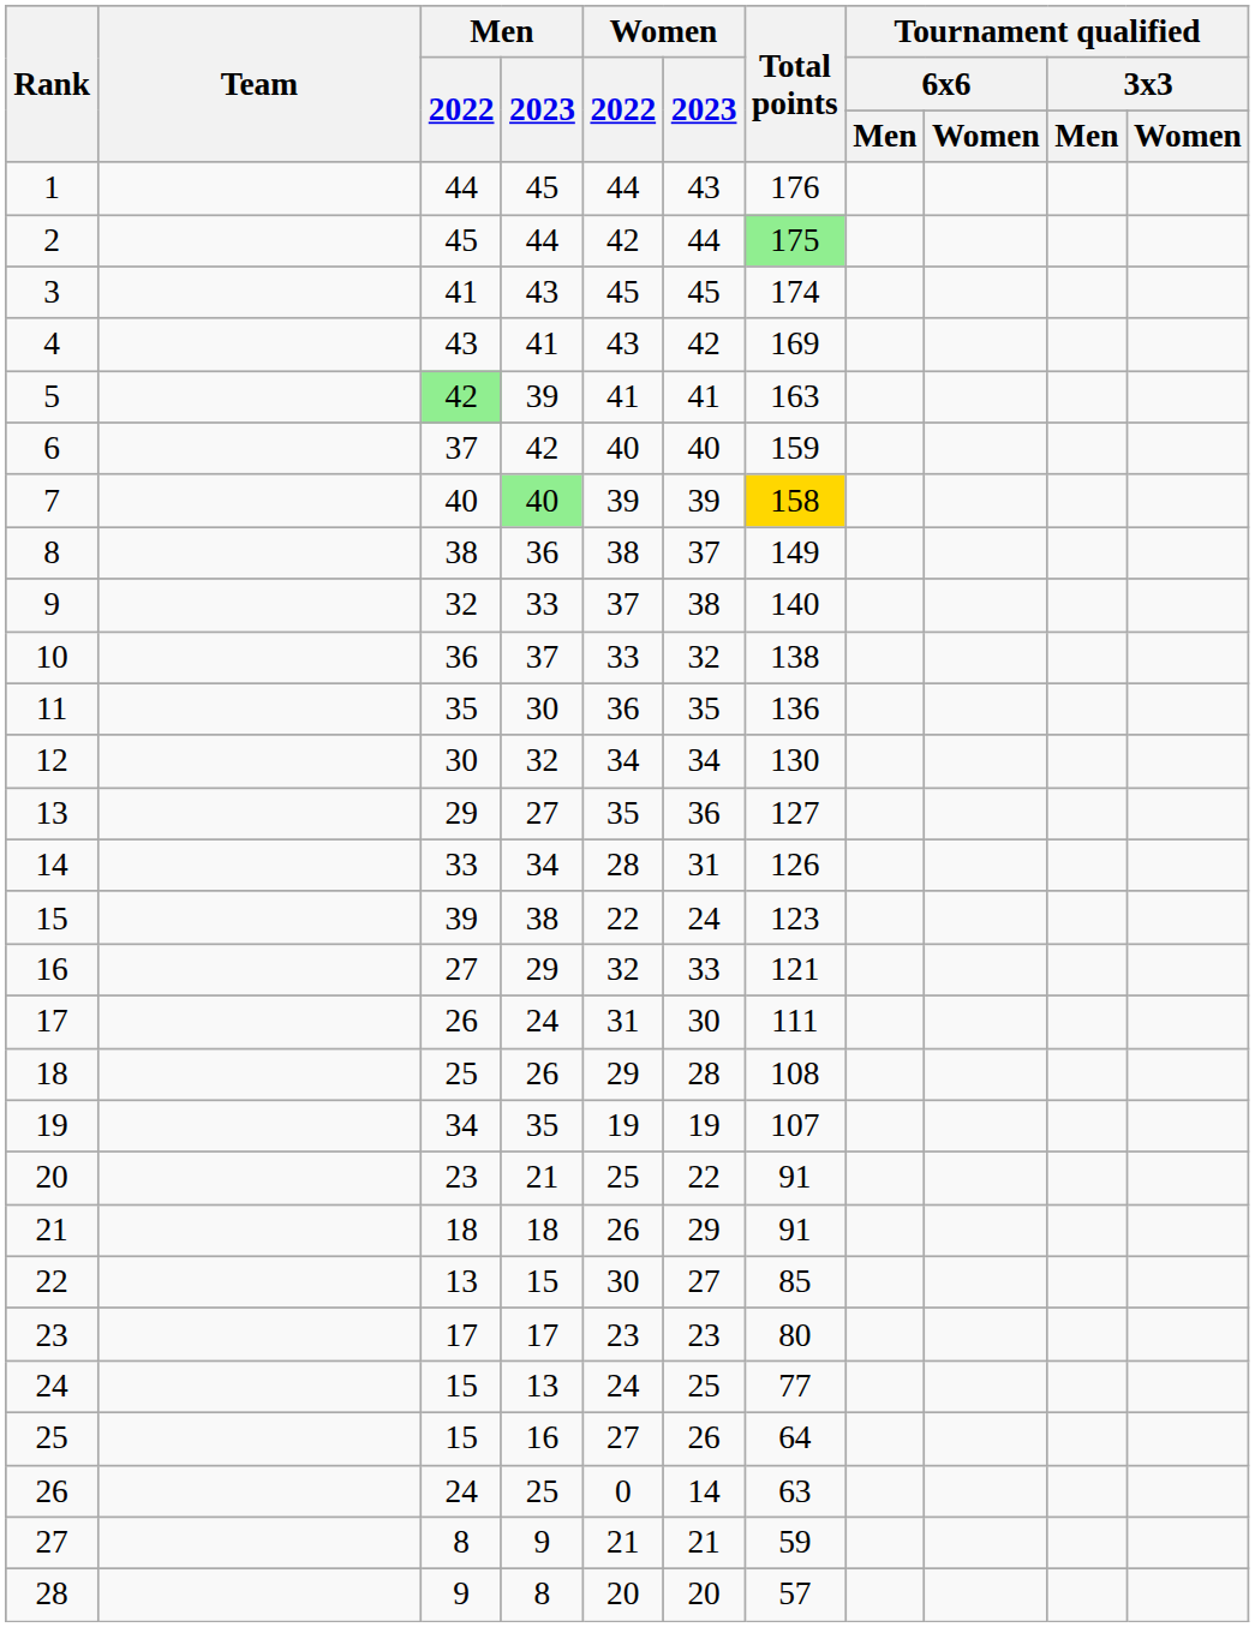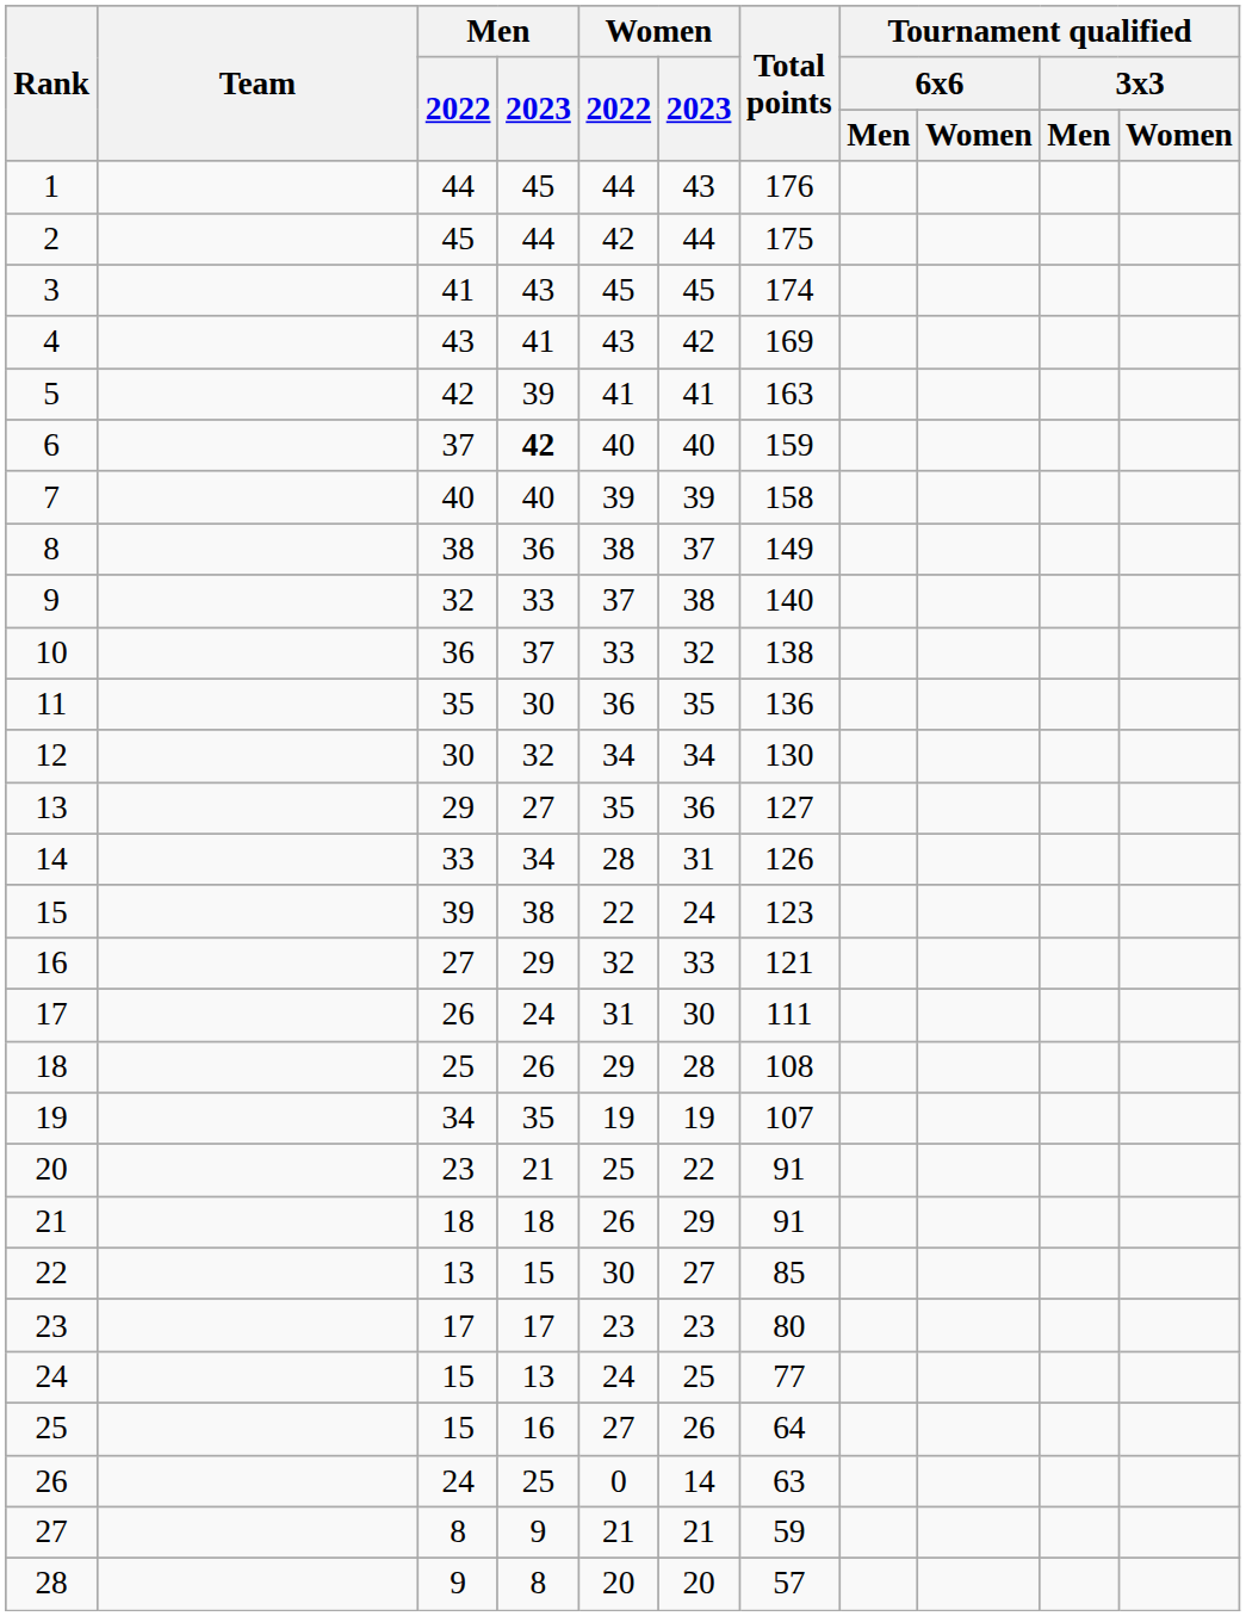 <table class="wikitable" style="text-align:center;">
 <tr>
 <th rowspan="3">Rank</th>
 <th rowspan="3" width="150">Team</th>
 <th colspan=2>Men</th>
 <th colspan=2>Women</th>
 <th rowspan="3">Total<br>points</th>
 <th colspan="4">Tournament qualified</th>
 </tr>
 <tr>
 <th rowspan="2"><a href='#'>2022</a></th>
 <th rowspan="2"><a href='#'>2023</a></th>
 <th rowspan="2"><a href='#'>2022</a></th>
 <th rowspan="2"><a href='#'>2023</a></th>
 <th colspan="2">6x6</th>
 <th colspan="2">3x3</th>
 </tr>
 <tr>
 <th>Men</th>
 <th>Women</th>
 <th>Men</th>
 <th>Women</th>
 </tr>
 <tr>
 <td>1</td>
 <td align="left"></td>
 <td>44</td>
 <td>45</td>
 <td>44</td>
 <td>43</td>
 <td>176</td>
 <td></td>
 <td></td>
 <td></td>
 <td></td>
 </tr>
 <tr>
 <td>2</td>
 <td align="left"></td>
 <td>45</td>
 <td>44</td>
 <td>42</td>
 <td>44</td>
-<td style="background: lightgreen;">175</td>
+<td>175</td>
 <td></td>
 <td></td>
 <td></td>
 <td></td>
 </tr>
 <tr>
 <td>3</td>
 <td align="left"></td>
 <td>41</td>
 <td>43</td>
 <td>45</td>
 <td>45</td>
 <td>174</td>
 <td></td>
 <td></td>
 <td></td>
 <td></td>
 </tr>
 <tr>
 <td>4</td>
 <td align="left"></td>
 <td>43</td>
 <td>41</td>
 <td>43</td>
 <td>42</td>
 <td>169</td>
 <td></td>
 <td></td>
 <td></td>
 <td></td>
 </tr>
 <tr>
 <td>5</td>
 <td align="left"></td>
-<td style="background: lightgreen;">42</td>
+<td>42</td>
 <td>39</td>
 <td>41</td>
 <td>41</td>
 <td>163</td>
 <td></td>
 <td></td>
 <td></td>
 <td></td>
 </tr>
 <tr>
 <td>6</td>
 <td align="left"></td>
 <td>37</td>
-<td>42</td>
+<td><strong>42</strong></td>
 <td>40</td>
 <td>40</td>
 <td>159</td>
 <td></td>
 <td></td>
 <td></td>
 <td></td>
 </tr>
 <tr>
 <td>7</td>
 <td align="left"></td>
 <td>40</td>
-<td style="background: lightgreen;">40</td>
+<td>40</td>
 <td>39</td>
 <td>39</td>
-<td style="background: gold;">158</td>
+<td>158</td>
 <td></td>
 <td></td>
 <td></td>
 <td></td>
 </tr>
 <tr>
 <td>8</td>
 <td align="left"></td>
 <td>38</td>
 <td>36</td>
 <td>38</td>
 <td>37</td>
 <td>149</td>
 <td></td>
 <td></td>
 <td></td>
 <td></td>
 </tr>
 <tr>
 <td>9</td>
 <td align="left"></td>
 <td>32</td>
 <td>33</td>
 <td>37</td>
 <td>38</td>
 <td>140</td>
 <td></td>
 <td></td>
 <td></td>
 <td></td>
 </tr>
 <tr>
 <td>10</td>
 <td align="left"></td>
 <td>36</td>
 <td>37</td>
 <td>33</td>
 <td>32</td>
 <td>138</td>
 <td></td>
 <td></td>
 <td></td>
 <td></td>
 </tr>
 <tr>
 <td>11</td>
 <td align="left"></td>
 <td>35</td>
 <td>30</td>
 <td>36</td>
 <td>35</td>
 <td>136</td>
 <td></td>
 <td></td>
 <td></td>
 <td></td>
 </tr>
 <tr>
 <td>12</td>
 <td align="left"></td>
 <td>30</td>
 <td>32</td>
 <td>34</td>
 <td>34</td>
 <td>130</td>
 <td></td>
 <td></td>
 <td></td>
 <td></td>
 </tr>
 <tr>
 <td>13</td>
 <td align="left"></td>
 <td>29</td>
 <td>27</td>
 <td>35</td>
 <td>36</td>
 <td>127</td>
 <td></td>
 <td></td>
 <td></td>
 <td></td>
 </tr>
 <tr>
 <td>14</td>
 <td align="left"></td>
 <td>33</td>
 <td>34</td>
 <td>28</td>
 <td>31</td>
 <td>126</td>
 <td></td>
 <td></td>
 <td></td>
 <td></td>
 </tr>
 <tr>
 <td>15</td>
 <td align="left"></td>
 <td>39</td>
 <td>38</td>
 <td>22</td>
 <td>24</td>
 <td>123</td>
 <td></td>
 <td></td>
 <td></td>
 <td></td>
 </tr>
 <tr>
 <td>16</td>
 <td align="left"></td>
 <td>27</td>
 <td>29</td>
 <td>32</td>
 <td>33</td>
 <td>121</td>
 <td></td>
 <td></td>
 <td></td>
 <td></td>
 </tr>
 <tr>
 <td>17</td>
 <td align="left"></td>
 <td>26</td>
 <td>24</td>
 <td>31</td>
 <td>30</td>
 <td>111</td>
 <td></td>
 <td></td>
 <td></td>
 <td></td>
 </tr>
 <tr>
 <td>18</td>
 <td align="left"></td>
 <td>25</td>
 <td>26</td>
 <td>29</td>
 <td>28</td>
 <td>108</td>
 <td></td>
 <td></td>
 <td></td>
 <td></td>
 </tr>
 <tr>
 <td>19</td>
 <td align="left"></td>
 <td>34</td>
 <td>35</td>
 <td>19</td>
 <td>19</td>
 <td>107</td>
 <td></td>
 <td></td>
 <td></td>
 <td></td>
 </tr>
 <tr>
 <td>20</td>
 <td align="left"></td>
 <td>23</td>
 <td>21</td>
 <td>25</td>
 <td>22</td>
 <td>91</td>
 <td></td>
 <td></td>
 <td></td>
 <td></td>
 </tr>
 <tr>
 <td>21</td>
 <td align="left"></td>
 <td>18</td>
 <td>18</td>
 <td>26</td>
 <td>29</td>
 <td>91</td>
 <td></td>
 <td></td>
 <td></td>
 <td></td>
 </tr>
 <tr>
 <td>22</td>
 <td align="left"></td>
 <td>13</td>
 <td>15</td>
 <td>30</td>
 <td>27</td>
 <td>85</td>
 <td></td>
 <td></td>
 <td></td>
 <td></td>
 </tr>
 <tr>
 <td>23</td>
 <td align="left"></td>
 <td>17</td>
 <td>17</td>
 <td>23</td>
 <td>23</td>
 <td>80</td>
 <td></td>
 <td></td>
 <td></td>
 <td></td>
 </tr>
 <tr>
 <td>24</td>
 <td align="left"></td>
 <td>15</td>
 <td>13</td>
 <td>24</td>
 <td>25</td>
 <td>77</td>
 <td></td>
 <td></td>
 <td></td>
 <td></td>
 </tr>
 <tr>
 <td>25</td>
 <td align="left"></td>
 <td>15</td>
 <td>16</td>
 <td>27</td>
 <td>26</td>
 <td>64</td>
 <td></td>
 <td></td>
 <td></td>
 <td></td>
 </tr>
 <tr>
 <td>26</td>
 <td align="left"></td>
 <td>24</td>
 <td>25</td>
 <td>0</td>
 <td>14</td>
 <td>63</td>
 <td></td>
 <td></td>
 <td></td>
 <td></td>
 </tr>
 <tr>
 <td>27</td>
 <td align="left"></td>
 <td>8</td>
 <td>9</td>
 <td>21</td>
 <td>21</td>
 <td>59</td>
 <td></td>
 <td></td>
 <td></td>
 <td></td>
 </tr>
 <tr>
 <td>28</td>
 <td align="left"></td>
 <td>9</td>
 <td>8</td>
 <td>20</td>
 <td>20</td>
 <td>57</td>
 <td></td>
 <td></td>
 <td></td>
 <td></td>
 </tr>
 </table>
